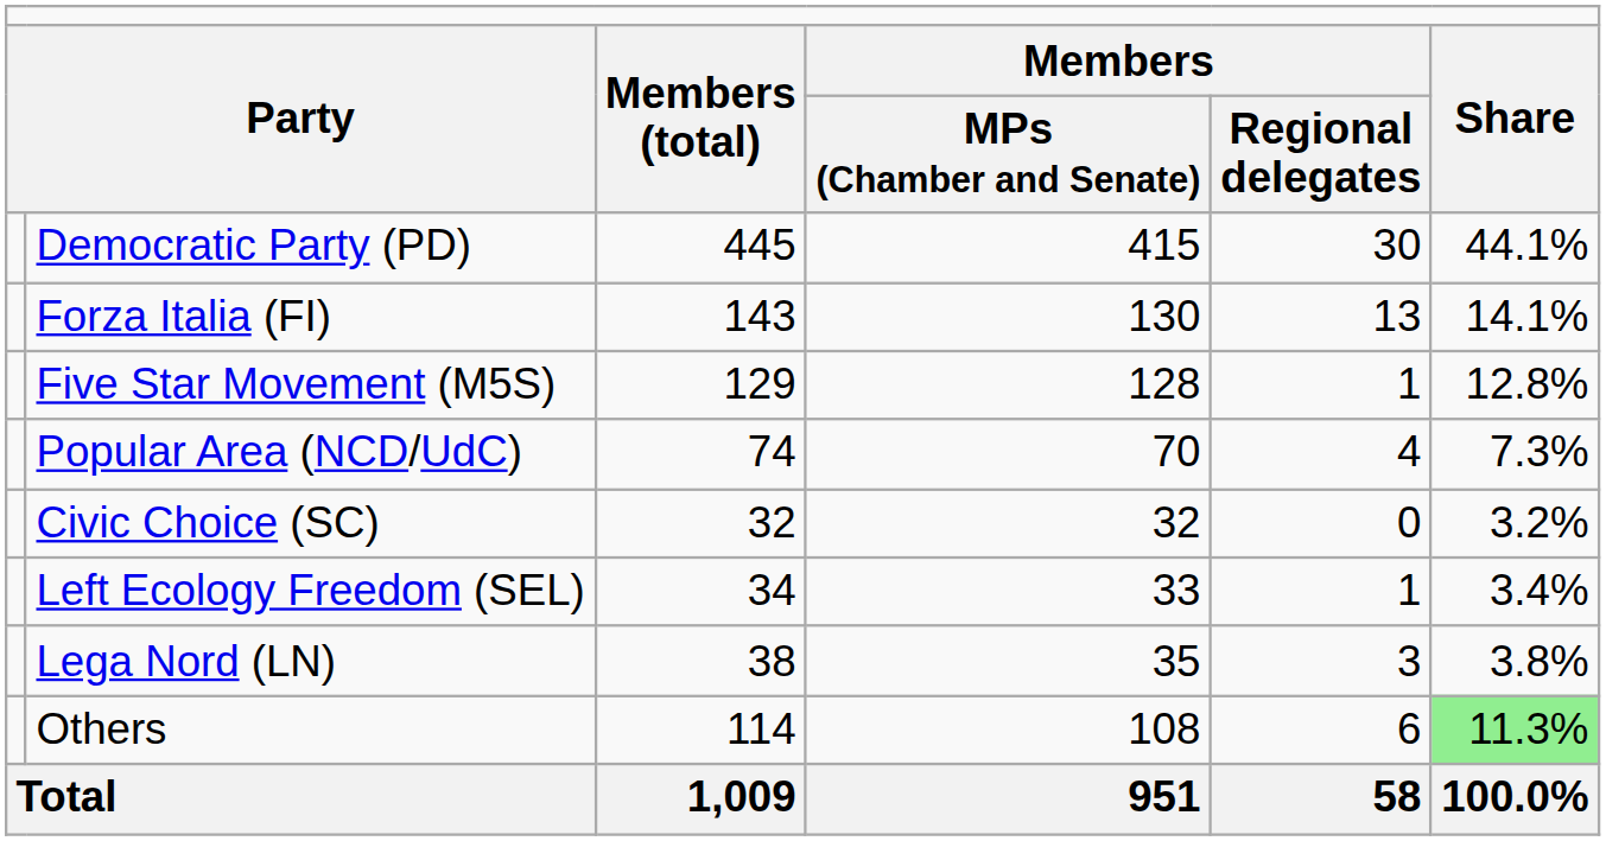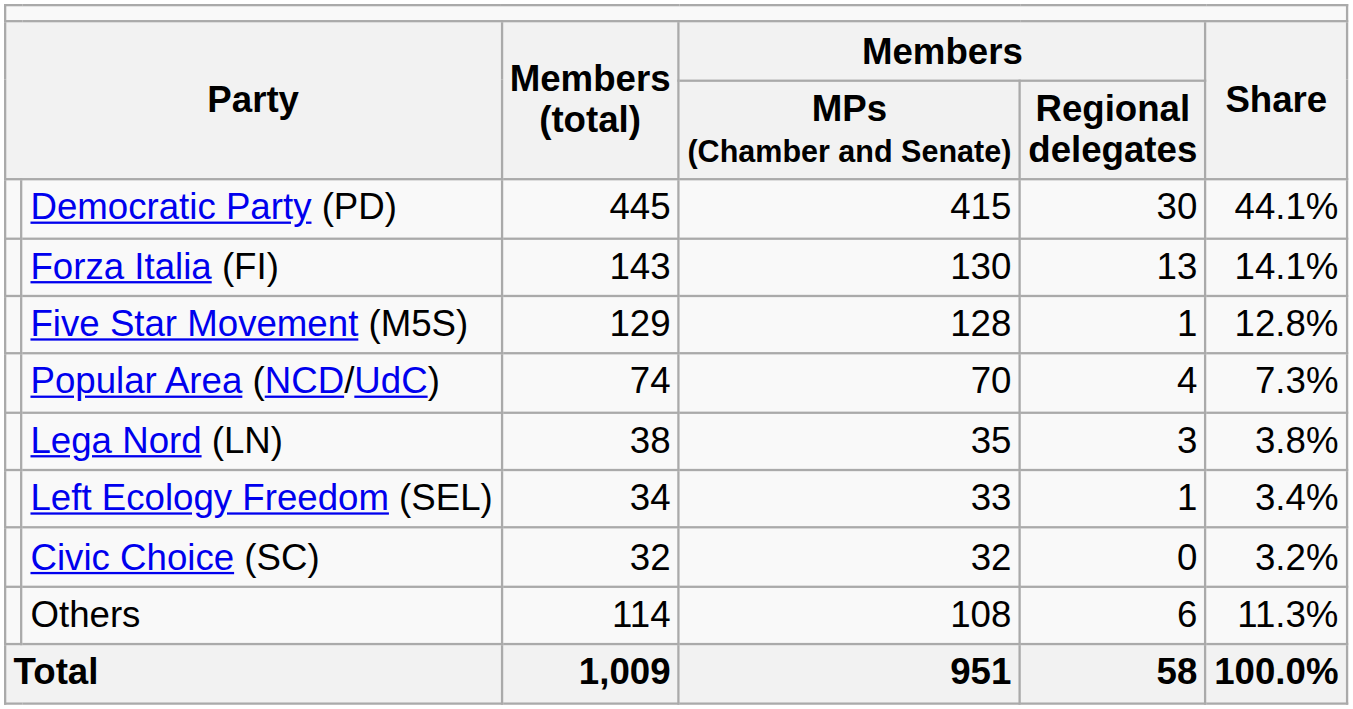 <table class="wikitable">
 <tr>
 <td colspan="6"></td>
 </tr>
 <tr>
 <th rowspan="2" colspan="2">Party</th>
 <th rowspan="2">Members<br>(total)</th>
 <th colspan="2">Members</th>
 <th rowspan="2">Share</th>
 </tr>
 <tr>
 <th>MPs <small><br>(Chamber and Senate)</small><br></th>
 <th>Regional<br>delegates</th>
 </tr>
 <tr>
 <td></td>
 <td><a href='#'>Democratic Party</a> (PD)</td>
 <td style="text-align:right">445</td>
 <td style="text-align:right">415</td>
 <td style="text-align:right">30</td>
 <td style="text-align:right">44.1%</td>
 </tr>
 <tr>
 <td></td>
 <td><a href='#'>Forza Italia</a> (FI)</td>
 <td style="text-align:right">143</td>
 <td style="text-align:right">130</td>
 <td style="text-align:right">13</td>
 <td style="text-align:right">14.1%</td>
 </tr>
 <tr>
 <td></td>
 <td><a href='#'>Five Star Movement</a> (M5S)</td>
 <td style="text-align:right">129</td>
 <td style="text-align:right">128</td>
 <td style="text-align:right">1</td>
 <td style="text-align:right">12.8%</td>
 </tr>
 <tr>
 <td></td>
 <td><a href='#'>Popular Area</a> (<a href='#'>NCD</a>/<a href='#'>UdC</a>)</td>
 <td style="text-align:right">74</td>
 <td style="text-align:right">70</td>
 <td style="text-align:right">4</td>
 <td style="text-align:right">7.3%</td>
 </tr>
 <tr>
 <td></td>
-<td><a href='#'>Civic Choice</a> (SC)</td>
-<td style="text-align:right">32</td>
-<td style="text-align:right">32</td>
-<td style="text-align:right">0</td>
-<td style="text-align:right">3.2%</td>
+<td><a href='#'>Lega Nord</a> (LN)</td>
+<td style="text-align:right">38</td>
+<td style="text-align:right">35</td>
+<td style="text-align:right">3</td>
+<td style="text-align:right">3.8%</td>
 </tr>
 <tr>
 <td></td>
 <td><a href='#'>Left Ecology Freedom</a> (SEL)</td>
 <td style="text-align:right">34</td>
 <td style="text-align:right">33</td>
 <td style="text-align:right">1</td>
 <td style="text-align:right">3.4%</td>
 </tr>
 <tr>
 <td></td>
-<td><a href='#'>Lega Nord</a> (LN)</td>
-<td style="text-align:right">38</td>
-<td style="text-align:right">35</td>
-<td style="text-align:right">3</td>
-<td style="text-align:right">3.8%</td>
+<td><a href='#'>Civic Choice</a> (SC)</td>
+<td style="text-align:right">32</td>
+<td style="text-align:right">32</td>
+<td style="text-align:right">0</td>
+<td style="text-align:right">3.2%</td>
 </tr>
 <tr>
 <td></td>
 <td>Others</td>
 <td style="text-align:right">114</td>
 <td style="text-align:right">108</td>
 <td style="text-align:right">6</td>
-<td style="background: lightgreen; text-align:right">11.3%</td>
+<td style="text-align:right">11.3%</td>
 </tr>
 <tr>
 <th colspan=2 style="text-align:left">Total</th>
 <th style="text-align:right">1,009</th>
 <th style="text-align:right">951</th>
 <th style="text-align:right">58</th>
 <th style="text-align:right">100.0%</th>
 </tr>
 </table>
